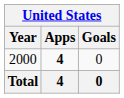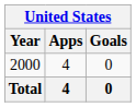 <table class="wikitable" style="text-align:center">
 <tr>
 <th colspan=3><a href='#'>United States</a></th>
 </tr>
 <tr>
 <th>Year</th>
 <th>Apps</th>
 <th>Goals</th>
 </tr>
 <tr>
 <td>2000</td>
-<td><strong>4</strong></td>
+<td>4</td>
 <td>0</td>
 </tr>
 <tr>
 <th>Total</th>
 <th>4</th>
 <th>0</th>
 </tr>
 </table>
